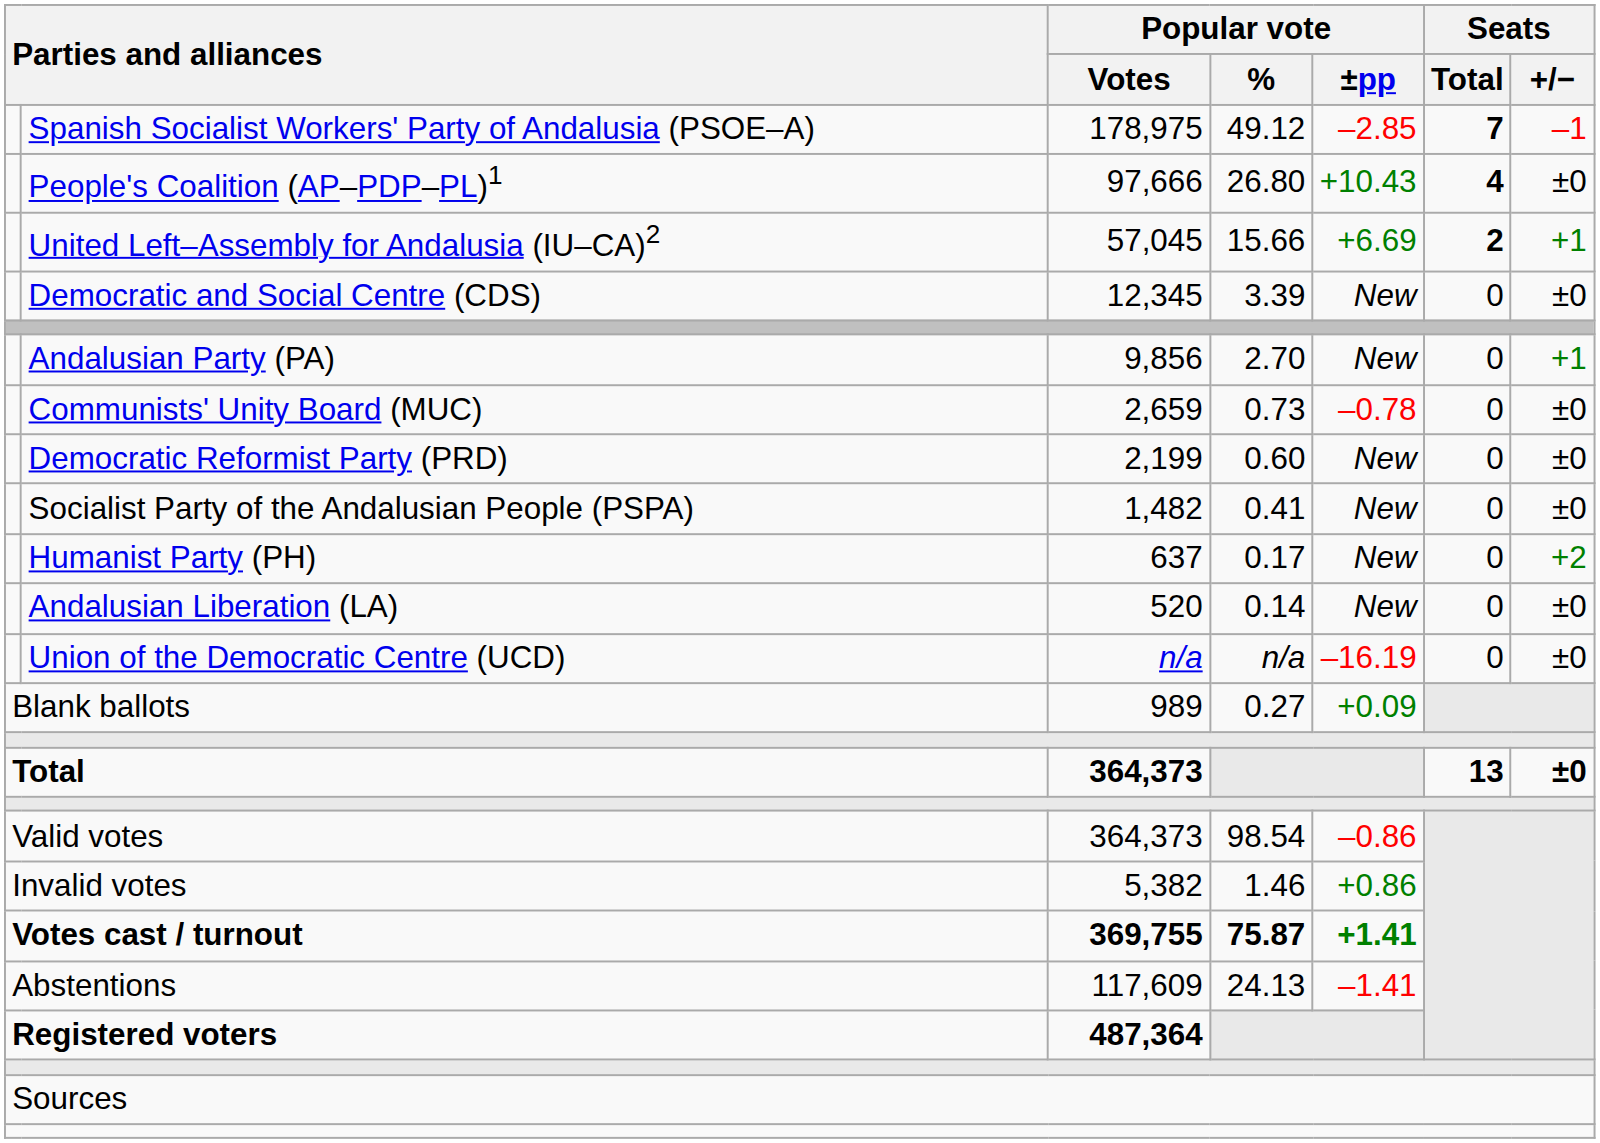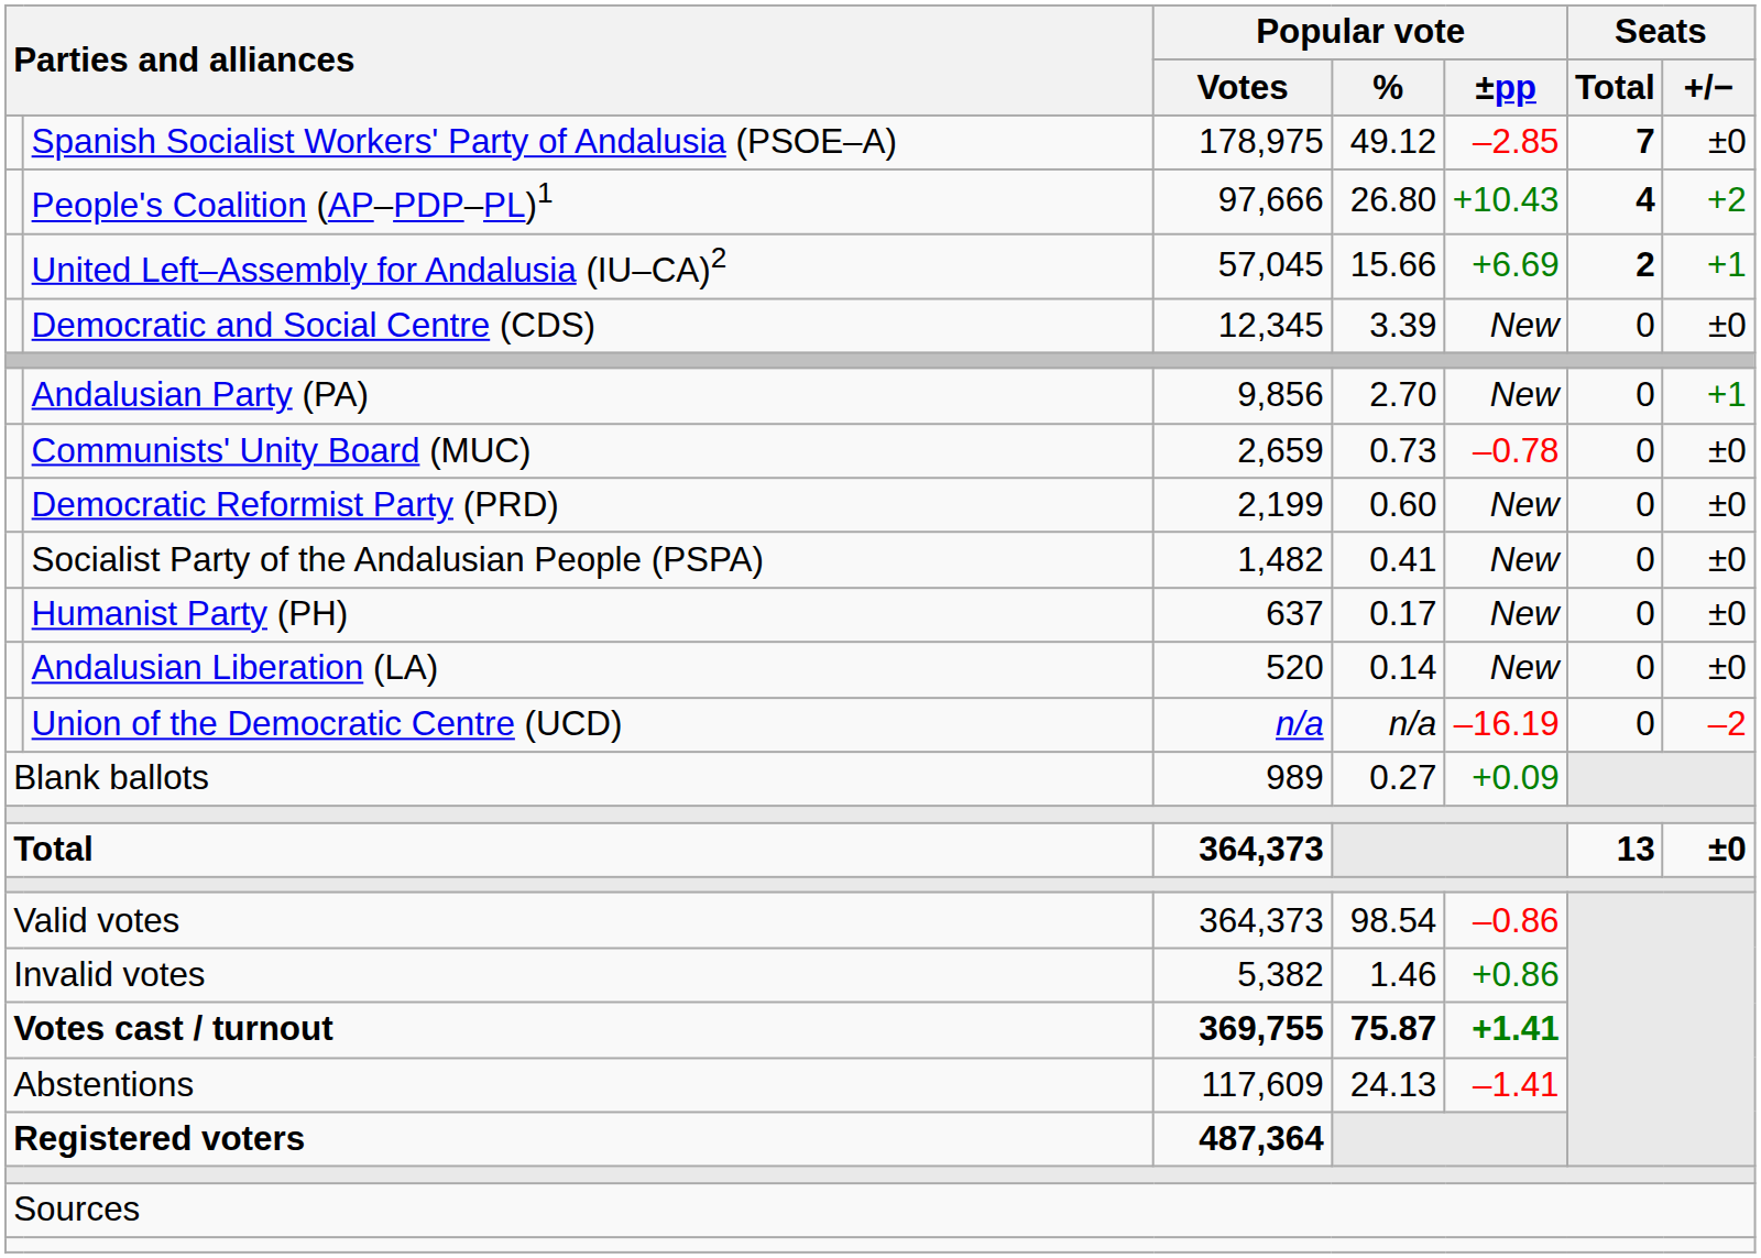 <table class="wikitable" style="text-align:right;">
 <tr>
 <th style="text-align:left;" rowspan="2" colspan="2" width="525">Parties and alliances</th>
 <th colspan="3">Popular vote</th>
 <th colspan="2">Seats</th>
 </tr>
 <tr>
 <th width="75">Votes</th>
 <th width="45">%</th>
 <th width="45">±<a href='#'>pp</a></th>
 <th width="35">Total</th>
 <th width="35">+/−</th>
 </tr>
 <tr>
 <td width="1" style="color:inherit;background:"></td>
 <td align="left"><a href='#'>Spanish Socialist Workers' Party of Andalusia</a> (PSOE–A)</td>
 <td>178,975</td>
 <td>49.12</td>
 <td style="color:red;">–2.85</td>
 <td><strong>7</strong></td>
-<td style="color:red;">–1</td>
+<td>±0</td>
 </tr>
 <tr>
 <td style="color:inherit;background:"></td>
 <td align="left"><a href='#'>People's Coalition</a> (<a href='#'>AP</a>–<a href='#'>PDP</a>–<a href='#'>PL</a>)<sup>1</sup></td>
 <td>97,666</td>
 <td>26.80</td>
 <td style="color:green;">+10.43</td>
 <td><strong>4</strong></td>
-<td>±0</td>
+<td style="color:green;">+2</td>
 </tr>
 <tr>
 <td style="color:inherit;background:"></td>
 <td align="left"><a href='#'>United Left–Assembly for Andalusia</a> (IU–CA)<sup>2</sup></td>
 <td>57,045</td>
 <td>15.66</td>
 <td style="color:green;">+6.69</td>
 <td><strong>2</strong></td>
 <td style="color:green;">+1</td>
 </tr>
 <tr>
 <td style="color:inherit;background:"></td>
 <td align="left"><a href='#'>Democratic and Social Centre</a> (CDS)</td>
 <td>12,345</td>
 <td>3.39</td>
 <td><em>New</em></td>
 <td>0</td>
 <td>±0</td>
 </tr>
 <tr>
 <td colspan="7" bgcolor="#C0C0C0"></td>
 </tr>
 <tr>
 <td style="color:inherit;background:"></td>
 <td align="left"><a href='#'>Andalusian Party</a> (PA)</td>
 <td>9,856</td>
 <td>2.70</td>
 <td><em>New</em></td>
 <td>0</td>
 <td style="color:green;">+1</td>
 </tr>
 <tr>
 <td style="color:inherit;background:"></td>
 <td align="left"><a href='#'>Communists' Unity Board</a> (MUC)</td>
 <td>2,659</td>
 <td>0.73</td>
 <td style="color:red;">–0.78</td>
 <td>0</td>
 <td>±0</td>
 </tr>
 <tr>
 <td style="color:inherit;background:"></td>
 <td align="left"><a href='#'>Democratic Reformist Party</a> (PRD)</td>
 <td>2,199</td>
 <td>0.60</td>
 <td><em>New</em></td>
 <td>0</td>
 <td>±0</td>
 </tr>
 <tr>
 <td style="color:inherit;background:"></td>
 <td align="left">Socialist Party of the Andalusian People (PSPA)</td>
 <td>1,482</td>
 <td>0.41</td>
 <td><em>New</em></td>
 <td>0</td>
 <td>±0</td>
 </tr>
 <tr>
 <td style="color:inherit;background:"></td>
 <td align="left"><a href='#'>Humanist Party</a> (PH)</td>
 <td>637</td>
 <td>0.17</td>
 <td><em>New</em></td>
 <td>0</td>
-<td style="color:green;">+2</td>
+<td>±0</td>
 </tr>
 <tr>
 <td style="color:inherit;background:"></td>
 <td align="left"><a href='#'>Andalusian Liberation</a> (LA)</td>
 <td>520</td>
 <td>0.14</td>
 <td><em>New</em></td>
 <td>0</td>
 <td>±0</td>
 </tr>
 <tr>
 <td style="color:inherit;background:"></td>
 <td align="left"><a href='#'>Union of the Democratic Centre</a> (UCD)</td>
 <td><em><a href='#'>n/a</a></em></td>
 <td><em>n/a</em></td>
 <td style="color:red;">–16.19</td>
 <td>0</td>
-<td>±0</td>
+<td style="color:red;">–2</td>
 </tr>
 <tr>
 <td align="left" colspan="2">Blank ballots</td>
 <td>989</td>
 <td>0.27</td>
 <td style="color:green;">+0.09</td>
 <td bgcolor="#E9E9E9" colspan="2"></td>
 </tr>
 <tr>
 <td colspan="7" bgcolor="#E9E9E9"></td>
 </tr>
 <tr style="font-weight:bold;">
 <td align="left" colspan="2">Total</td>
 <td>364,373</td>
 <td bgcolor="#E9E9E9" colspan="2"></td>
 <td>13</td>
 <td>±0</td>
 </tr>
 <tr>
 <td colspan="7" bgcolor="#E9E9E9"></td>
 </tr>
 <tr>
 <td align="left" colspan="2">Valid votes</td>
 <td>364,373</td>
 <td>98.54</td>
 <td style="color:red;">–0.86</td>
 <td bgcolor="#E9E9E9" colspan="2" rowspan="5"></td>
 </tr>
 <tr>
 <td align="left" colspan="2">Invalid votes</td>
 <td>5,382</td>
 <td>1.46</td>
 <td style="color:green;">+0.86</td>
 </tr>
 <tr style="font-weight:bold;">
 <td align="left" colspan="2">Votes cast / turnout</td>
 <td>369,755</td>
 <td>75.87</td>
 <td style="color:green;">+1.41</td>
 </tr>
 <tr>
 <td align="left" colspan="2">Abstentions</td>
 <td>117,609</td>
 <td>24.13</td>
 <td style="color:red;">–1.41</td>
 </tr>
 <tr style="font-weight:bold;">
 <td align="left" colspan="2">Registered voters</td>
 <td>487,364</td>
 <td bgcolor="#E9E9E9" colspan="2"></td>
 </tr>
 <tr>
 <td colspan="7" bgcolor="#E9E9E9"></td>
 </tr>
 <tr>
 <td align="left" colspan="7">Sources</td>
 </tr>
 <tr>
 <td colspan="7" style="text-align:left; max-width:790px;"></td>
 </tr>
 </table>
